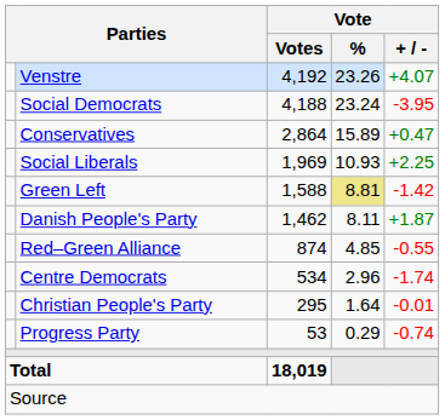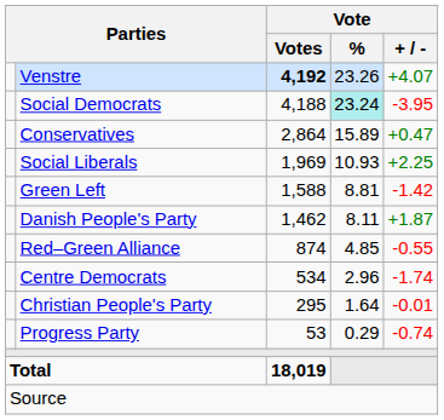 <table class="wikitable" style="text-align:right;">
 <tr>
 <th style="text-align:centre;" rowspan="2" colspan="2" width="225">Parties</th>
 <th colspan="3">Vote</th>
 </tr>
 <tr>
 <th width="15">Votes</th>
 <th width="15">%</th>
 <th width="15">+ / -</th>
 </tr>
 <tr>
 <td width="2" style="color:inherit;background:"></td>
 <td bgcolor=#cfe5fe  align="left"><a href='#'>Venstre</a></td>
-<td bgcolor=#cfe5fe>4,192</td>
+<td bgcolor=#cfe5fe><strong>4,192</strong></td>
 <td bgcolor=#cfe5fe>23.26</td>
 <td style=color:green;>+4.07</td>
 </tr>
 <tr>
 <td width="2" style="color:inherit;background:"></td>
 <td align="left"><a href='#'>Social Democrats</a></td>
 <td>4,188</td>
-<td>23.24</td>
+<td style="background: paleturquoise;">23.24</td>
 <td style=color:red;>-3.95</td>
 </tr>
 <tr>
 <td width="2" style="color:inherit;background:"></td>
 <td align="left"><a href='#'>Conservatives</a></td>
 <td>2,864</td>
 <td>15.89</td>
 <td style=color:green;>+0.47</td>
 </tr>
 <tr>
 <td width="2" style="color:inherit;background:"></td>
 <td align="left"><a href='#'>Social Liberals</a></td>
 <td>1,969</td>
 <td>10.93</td>
 <td style=color:green;>+2.25</td>
 </tr>
 <tr>
 <td width="2" style="color:inherit;background:"></td>
 <td align="left"><a href='#'>Green Left</a></td>
 <td>1,588</td>
-<td style="background: khaki;">8.81</td>
+<td>8.81</td>
 <td style=color:red;>-1.42</td>
 </tr>
 <tr>
 <td width="2" style="color:inherit;background:"></td>
 <td align="left"><a href='#'>Danish People's Party</a></td>
 <td>1,462</td>
 <td>8.11</td>
 <td style=color:green;>+1.87</td>
 </tr>
 <tr>
 <td width="2" style="color:inherit;background:"></td>
 <td align="left"><a href='#'>Red–Green Alliance</a></td>
 <td>874</td>
 <td>4.85</td>
 <td style=color:red;>-0.55</td>
 </tr>
 <tr>
 <td width="2" style="color:inherit;background:"></td>
 <td align="left"><a href='#'>Centre Democrats</a></td>
 <td>534</td>
 <td>2.96</td>
 <td style=color:red;>-1.74</td>
 </tr>
 <tr>
 <td width="2" style="color:inherit;background:"></td>
 <td align="left"><a href='#'>Christian People's Party</a></td>
 <td>295</td>
 <td>1.64</td>
 <td style=color:red;>-0.01</td>
 </tr>
 <tr>
 <td width="2" style="color:inherit;background:"></td>
 <td align="left"><a href='#'>Progress Party</a></td>
 <td>53</td>
 <td>0.29</td>
 <td style=color:red;>-0.74</td>
 </tr>
 <tr>
 <td colspan="7" bgcolor="#E9E9E9"></td>
 </tr>
 <tr>
 <td align="left" colspan="2"><strong>Total</strong></td>
 <td><strong>18,019</strong></td>
 <td bgcolor="#E9E9E9" colspan="2"></td>
 </tr>
 <tr>
 <td align="left" colspan="6">Source</td>
 </tr>
 </table>
